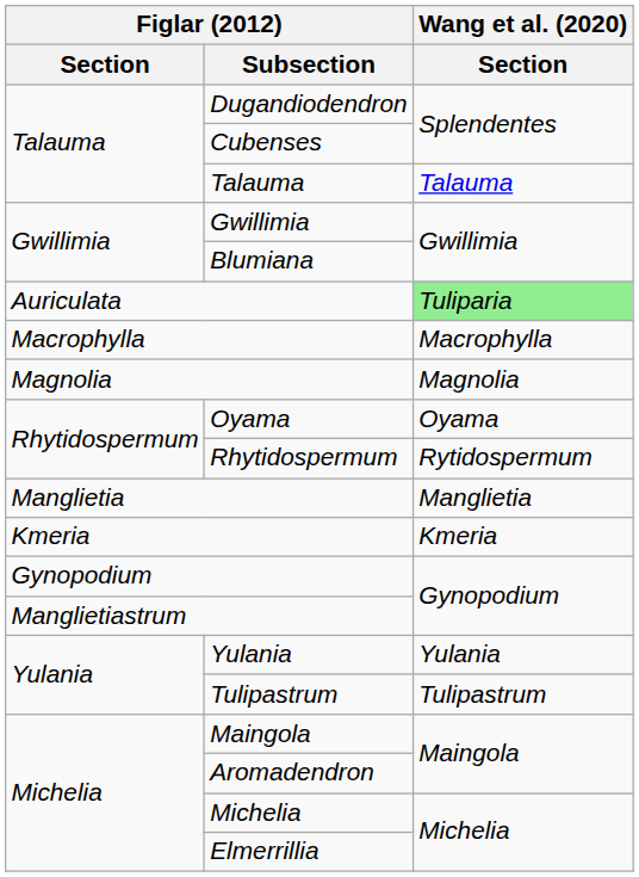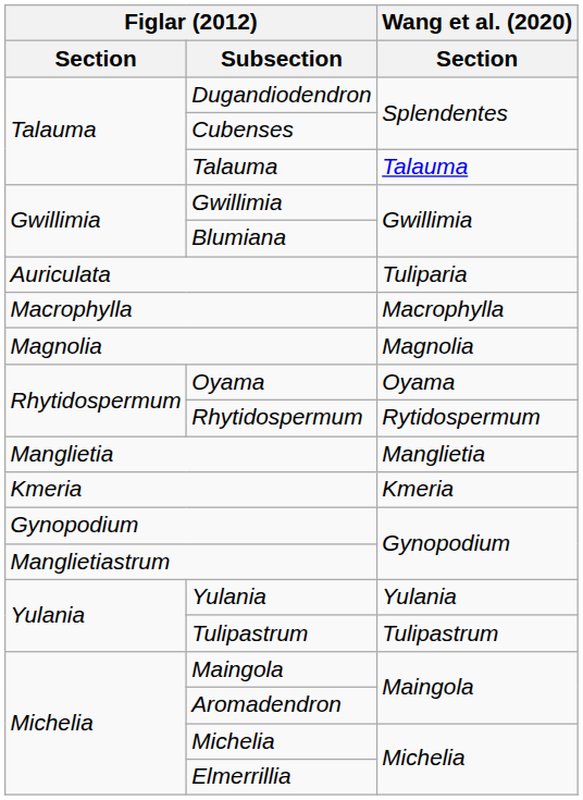 <table class="wikitable">
 <tr>
 <th colspan=2>Figlar (2012)</th>
 <th>Wang et al. (2020)</th>
 </tr>
 <tr>
 <th>Section</th>
 <th>Subsection</th>
 <th>Section</th>
 </tr>
 <tr>
 <td rowspan=3><em>Talauma</em></td>
 <td><em>Dugandiodendron</em></td>
 <td rowspan=2><em>Splendentes</em></td>
 </tr>
 <tr>
 <td><em>Cubenses</em></td>
 </tr>
 <tr>
 <td><em>Talauma</em></td>
 <td><em><a href='#'>Talauma</a></em></td>
 </tr>
 <tr>
 <td rowspan=2><em>Gwillimia</em></td>
 <td><em>Gwillimia</em></td>
 <td rowspan=2><em>Gwillimia</em></td>
 </tr>
 <tr>
 <td><em>Blumiana</em></td>
 </tr>
 <tr>
 <td colspan=2><em>Auriculata</em></td>
-<td style="background: lightgreen;"><em>Tuliparia</em></td>
+<td><em>Tuliparia</em></td>
 </tr>
 <tr>
 <td colspan=2><em>Macrophylla</em></td>
 <td><em>Macrophylla</em></td>
 </tr>
 <tr>
 <td colspan=2><em>Magnolia</em></td>
 <td><em>Magnolia</em></td>
 </tr>
 <tr>
 <td rowspan=2><em>Rhytidospermum</em></td>
 <td><em>Oyama</em></td>
 <td><em>Oyama</em></td>
 </tr>
 <tr>
 <td><em>Rhytidospermum</em></td>
 <td><em>Rytidospermum</em></td>
 </tr>
 <tr>
 <td colspan=2><em>Manglietia</em></td>
 <td><em>Manglietia</em></td>
 </tr>
 <tr>
 <td colspan=2><em>Kmeria</em></td>
 <td><em>Kmeria</em></td>
 </tr>
 <tr>
 <td colspan=2><em>Gynopodium</em></td>
 <td rowspan=2><em>Gynopodium</em></td>
 </tr>
 <tr>
 <td colspan=2><em>Manglietiastrum</em></td>
 </tr>
 <tr>
 <td rowspan=2><em>Yulania</em></td>
 <td><em>Yulania</em></td>
 <td><em>Yulania</em></td>
 </tr>
 <tr>
 <td><em>Tulipastrum</em></td>
 <td><em>Tulipastrum</em></td>
 </tr>
 <tr>
 <td rowspan=4><em>Michelia</em></td>
 <td><em>Maingola</em></td>
 <td rowspan=2><em>Maingola</em></td>
 </tr>
 <tr>
 <td><em>Aromadendron</em></td>
 </tr>
 <tr>
 <td><em>Michelia</em></td>
 <td rowspan=2><em>Michelia</em></td>
 </tr>
 <tr>
 <td><em>Elmerrillia</em></td>
 </tr>
 </table>
